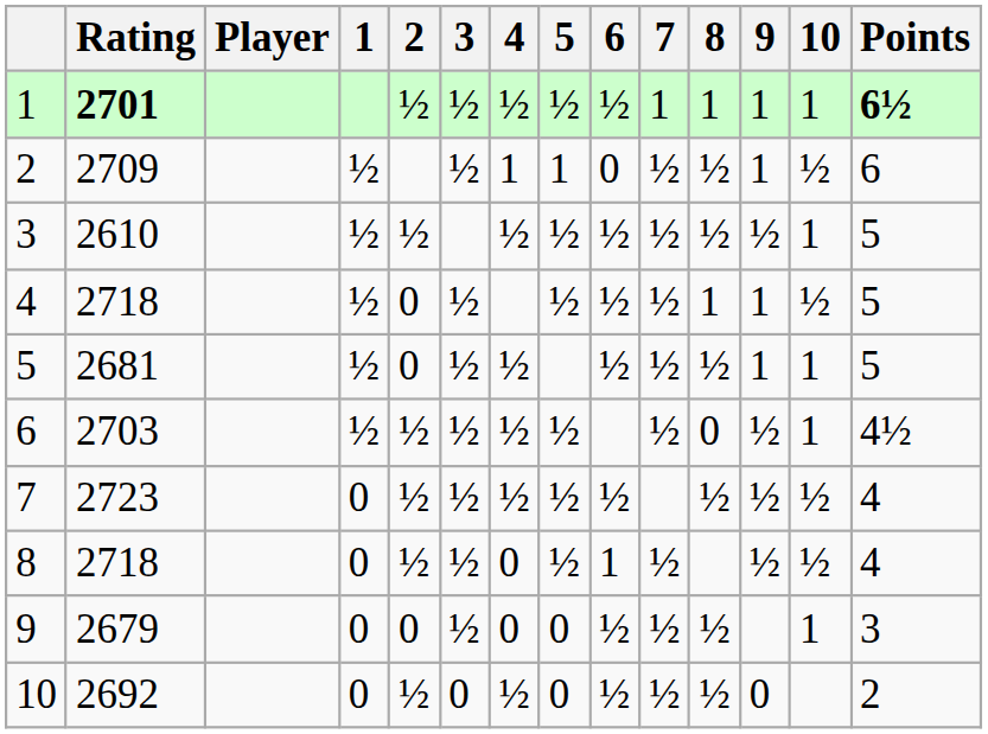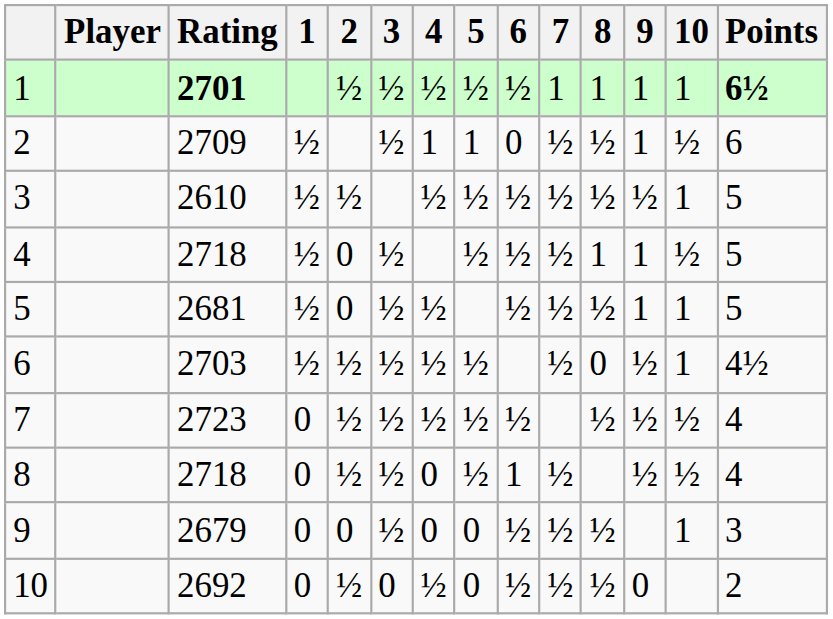 <table class=wikitable>
 <tr>
 <th></th>
+<th>Player</th>
 <th>Rating</th>
-<th>Player</th>
 <th>1</th>
 <th>2</th>
 <th>3</th>
 <th>4</th>
 <th>5</th>
 <th>6</th>
 <th>7</th>
 <th>8</th>
 <th>9</th>
 <th>10</th>
 <th>Points</th>
 </tr>
 <tr style="background:#ccffcc">
 <td>1</td>
+<td><strong></strong></td>
 <td><strong>2701</strong></td>
-<td><strong></strong></td>
 <td></td>
 <td>½</td>
 <td>½</td>
 <td>½</td>
 <td>½</td>
 <td>½</td>
 <td>1</td>
 <td>1</td>
 <td>1</td>
 <td>1</td>
 <td><strong>6½</strong></td>
 </tr>
 <tr>
 <td>2</td>
+<td></td>
 <td>2709</td>
-<td></td>
 <td>½</td>
 <td></td>
 <td>½</td>
 <td>1</td>
 <td>1</td>
 <td>0</td>
 <td>½</td>
 <td>½</td>
 <td>1</td>
 <td>½</td>
 <td>6</td>
 </tr>
 <tr>
 <td>3</td>
+<td></td>
 <td>2610</td>
-<td></td>
 <td>½</td>
 <td>½</td>
 <td></td>
 <td>½</td>
 <td>½</td>
 <td>½</td>
 <td>½</td>
 <td>½</td>
 <td>½</td>
 <td>1</td>
 <td>5</td>
 </tr>
 <tr>
 <td>4</td>
+<td></td>
 <td>2718</td>
-<td></td>
 <td>½</td>
 <td>0</td>
 <td>½</td>
 <td></td>
 <td>½</td>
 <td>½</td>
 <td>½</td>
 <td>1</td>
 <td>1</td>
 <td>½</td>
 <td>5</td>
 </tr>
 <tr>
 <td>5</td>
+<td></td>
 <td>2681</td>
-<td></td>
 <td>½</td>
 <td>0</td>
 <td>½</td>
 <td>½</td>
 <td></td>
 <td>½</td>
 <td>½</td>
 <td>½</td>
 <td>1</td>
 <td>1</td>
 <td>5</td>
 </tr>
 <tr>
 <td>6</td>
+<td></td>
 <td>2703</td>
-<td></td>
 <td>½</td>
 <td>½</td>
 <td>½</td>
 <td>½</td>
 <td>½</td>
 <td></td>
 <td>½</td>
 <td>0</td>
 <td>½</td>
 <td>1</td>
 <td>4½</td>
 </tr>
 <tr>
 <td>7</td>
+<td></td>
 <td>2723</td>
-<td></td>
 <td>0</td>
 <td>½</td>
 <td>½</td>
 <td>½</td>
 <td>½</td>
 <td>½</td>
 <td></td>
 <td>½</td>
 <td>½</td>
 <td>½</td>
 <td>4</td>
 </tr>
 <tr>
 <td>8</td>
+<td></td>
 <td>2718</td>
-<td></td>
 <td>0</td>
 <td>½</td>
 <td>½</td>
 <td>0</td>
 <td>½</td>
 <td>1</td>
 <td>½</td>
 <td></td>
 <td>½</td>
 <td>½</td>
 <td>4</td>
 </tr>
 <tr>
 <td>9</td>
+<td></td>
 <td>2679</td>
-<td></td>
 <td>0</td>
 <td>0</td>
 <td>½</td>
 <td>0</td>
 <td>0</td>
 <td>½</td>
 <td>½</td>
 <td>½</td>
 <td></td>
 <td>1</td>
 <td>3</td>
 </tr>
 <tr>
 <td>10</td>
+<td></td>
 <td>2692</td>
-<td></td>
 <td>0</td>
 <td>½</td>
 <td>0</td>
 <td>½</td>
 <td>0</td>
 <td>½</td>
 <td>½</td>
 <td>½</td>
 <td>0</td>
 <td></td>
 <td>2</td>
 </tr>
 </table>
